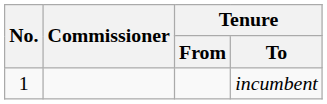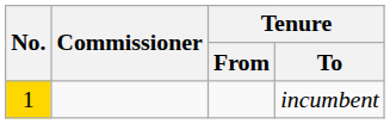 <table class="wikitable sortable" style="text-align:center">
 <tr>
 <th rowspan=2>No.</th>
 <th rowspan=2>Commissioner</th>
 <th colspan=2>Tenure</th>
 </tr>
 <tr>
 <th>From</th>
 <th>To</th>
 </tr>
 <tr>
-<td>1</td>
+<td style="background: gold;">1</td>
 <td></td>
 <td></td>
 <td><em>incumbent</em></td>
 </tr>
 </table>
